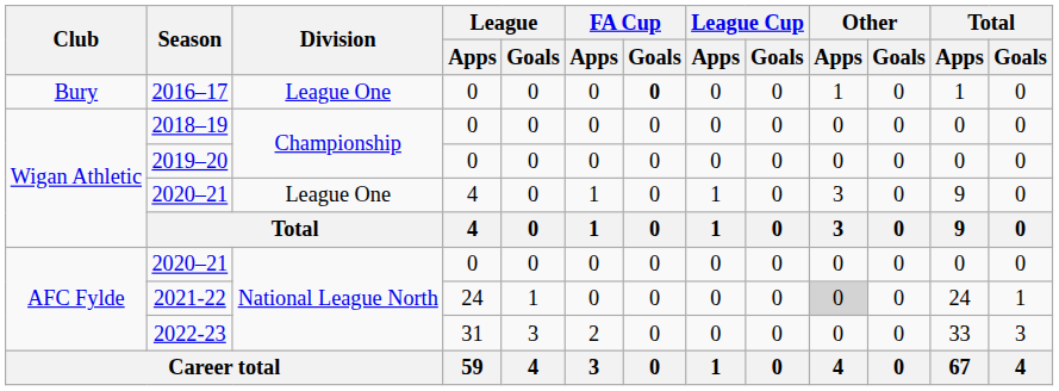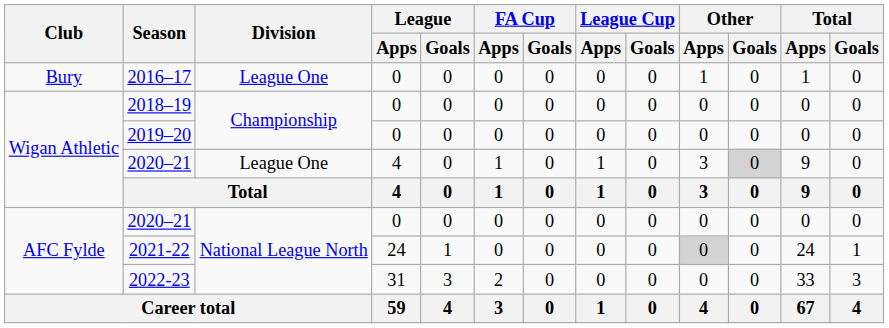 <table class="wikitable" style="text-align:center;">
 <tr>
 <th rowspan="2">Club</th>
 <th rowspan="2">Season</th>
 <th rowspan="2">Division</th>
 <th colspan="2">League</th>
 <th colspan="2"><a href='#'>FA Cup</a></th>
 <th colspan="2"><a href='#'>League Cup</a></th>
 <th colspan="2">Other</th>
 <th colspan="2">Total</th>
 </tr>
 <tr>
 <th>Apps</th>
 <th>Goals</th>
 <th>Apps</th>
 <th>Goals</th>
 <th>Apps</th>
 <th>Goals</th>
 <th>Apps</th>
 <th>Goals</th>
 <th>Apps</th>
 <th>Goals</th>
 </tr>
 <tr>
 <td><a href='#'>Bury</a></td>
 <td><a href='#'>2016–17</a></td>
 <td><a href='#'>League One</a></td>
 <td>0</td>
 <td>0</td>
 <td>0</td>
-<td><strong>0</strong></td>
+<td>0</td>
 <td>0</td>
 <td>0</td>
 <td>1</td>
 <td>0</td>
 <td>1</td>
 <td>0</td>
 </tr>
 <tr>
 <td rowspan="4"><a href='#'>Wigan Athletic</a></td>
 <td><a href='#'>2018–19</a></td>
 <td rowspan="2"><a href='#'>Championship</a></td>
 <td>0</td>
 <td>0</td>
 <td>0</td>
 <td>0</td>
 <td>0</td>
 <td>0</td>
 <td>0</td>
 <td>0</td>
 <td>0</td>
 <td>0</td>
 </tr>
 <tr>
 <td><a href='#'>2019–20</a></td>
 <td>0</td>
 <td>0</td>
 <td>0</td>
 <td>0</td>
 <td>0</td>
 <td>0</td>
 <td>0</td>
 <td>0</td>
 <td>0</td>
 <td>0</td>
 </tr>
 <tr>
 <td><a href='#'>2020–21</a></td>
 <td>League One</td>
 <td>4</td>
 <td>0</td>
 <td>1</td>
 <td>0</td>
 <td>1</td>
 <td>0</td>
 <td>3</td>
-<td>0</td>
+<td style="background: lightgrey;">0</td>
 <td>9</td>
 <td>0</td>
 </tr>
 <tr>
 <th colspan="2">Total</th>
 <th>4</th>
 <th>0</th>
 <th>1</th>
 <th>0</th>
 <th>1</th>
 <th>0</th>
 <th>3</th>
 <th>0</th>
 <th>9</th>
 <th>0</th>
 </tr>
 <tr>
 <td rowspan="3"><a href='#'>AFC Fylde</a></td>
 <td><a href='#'>2020–21</a></td>
 <td rowspan="3"><a href='#'>National League North</a></td>
 <td>0</td>
 <td>0</td>
 <td>0</td>
 <td>0</td>
 <td>0</td>
 <td>0</td>
 <td>0</td>
 <td>0</td>
 <td>0</td>
 <td>0</td>
 </tr>
 <tr>
 <td><a href='#'>2021-22</a></td>
 <td>24</td>
 <td>1</td>
 <td>0</td>
 <td>0</td>
 <td>0</td>
 <td>0</td>
 <td style="background: lightgrey;">0</td>
 <td>0</td>
 <td>24</td>
 <td>1</td>
 </tr>
 <tr>
 <td><a href='#'>2022-23</a></td>
 <td>31</td>
 <td>3</td>
 <td>2</td>
 <td>0</td>
 <td>0</td>
 <td>0</td>
 <td>0</td>
 <td>0</td>
 <td>33</td>
 <td>3</td>
 </tr>
 <tr>
 <th colspan="3">Career total</th>
 <th>59</th>
 <th>4</th>
 <th>3</th>
 <th>0</th>
 <th>1</th>
 <th>0</th>
 <th>4</th>
 <th>0</th>
 <th>67</th>
 <th>4</th>
 </tr>
 </table>
